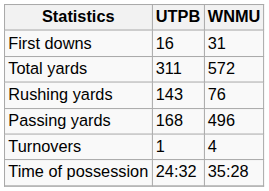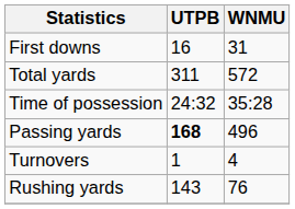 <table class="wikitable">
 <tr>
 <th>Statistics</th>
 <th>UTPB</th>
 <th>WNMU</th>
 </tr>
 <tr>
 <td>First downs</td>
 <td>16</td>
 <td>31</td>
 </tr>
 <tr>
 <td>Total yards</td>
 <td>311</td>
 <td>572</td>
 </tr>
 <tr>
-<td>Rushing yards</td>
-<td>143</td>
-<td>76</td>
+<td>Time of possession</td>
+<td>24:32</td>
+<td>35:28</td>
 </tr>
 <tr>
 <td>Passing yards</td>
-<td>168</td>
+<td><strong>168</strong></td>
 <td>496</td>
 </tr>
 <tr>
 <td>Turnovers</td>
 <td>1</td>
 <td>4</td>
 </tr>
 <tr>
-<td>Time of possession</td>
-<td>24:32</td>
-<td>35:28</td>
+<td>Rushing yards</td>
+<td>143</td>
+<td>76</td>
 </tr>
 <tr>
 </tr>
 </table>
